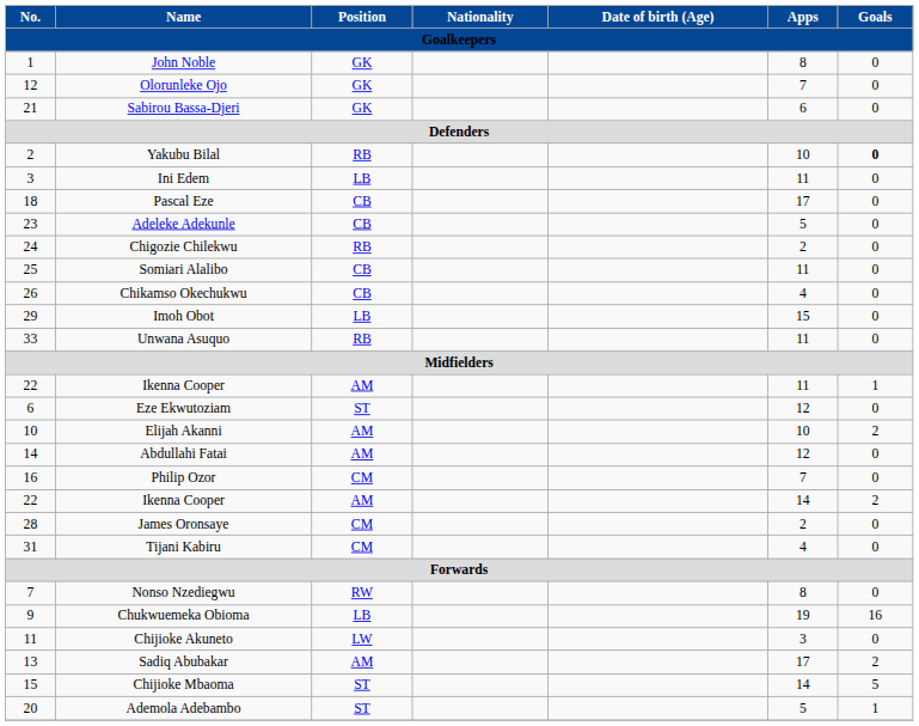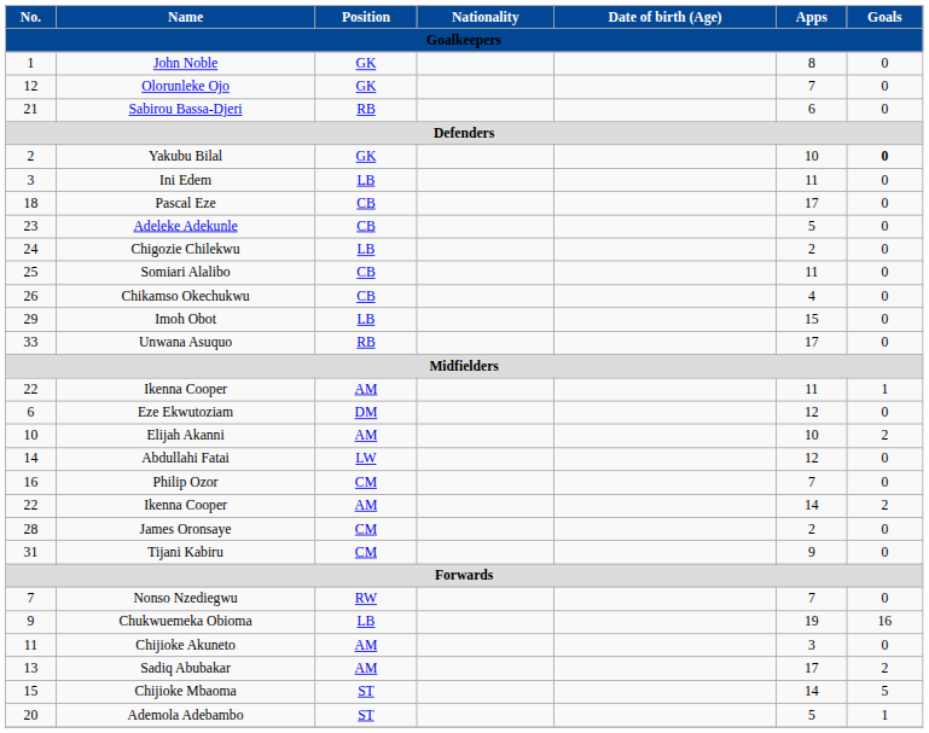 <table class="wikitable" style="text-align:center; font-size:84.5%; width:100%;">
 <tr>
 <th style="color:white; background:#034694; text-align:center;">No.</th>
 <th style="color:white; background:#034694; text-align:center;">Name</th>
 <th style="color:white; background:#034694; text-align:center;">Position</th>
 <th style="color:white; background:#034694; text-align:center;">Nationality</th>
 <th style="color:white; background:#034694; text-align:center;">Date of birth (Age)</th>
 <th style="color:white; background:#034694; text-align:center;">Apps</th>
 <th style="color:white; background:#034694; text-align:center;">Goals</th>
 </tr>
 <tr>
 <th colspan="14" style="background:#034694; tepxt-align:center;">Goalkeepers</th>
 </tr>
 <tr>
 <td>1</td>
 <td><a href='#'>John Noble</a></td>
 <td><a href='#'>GK</a></td>
 <td></td>
 <td></td>
 <td>8</td>
 <td>0</td>
 </tr>
 <tr>
 <td>12</td>
 <td><a href='#'>Olorunleke Ojo</a></td>
 <td><a href='#'>GK</a></td>
 <td></td>
 <td></td>
 <td>7</td>
 <td>0</td>
 </tr>
 <tr>
 <td>21</td>
 <td><a href='#'>Sabirou Bassa-Djeri</a></td>
-<td><a href='#'>GK</a></td>
+<td><a href='#'>RB</a></td>
 <td></td>
 <td></td>
 <td>6</td>
 <td>0</td>
 </tr>
 <tr>
 <th colspan="14" style="background:#dcdcdc; tepxt-align:center;">Defenders</th>
 </tr>
 <tr>
 <td>2</td>
 <td>Yakubu Bilal</td>
-<td><a href='#'>RB</a></td>
+<td><a href='#'>GK</a></td>
 <td></td>
 <td></td>
 <td>10</td>
 <td><strong>0</strong></td>
 </tr>
 <tr>
 <td>3</td>
 <td>Ini Edem</td>
 <td><a href='#'>LB</a></td>
 <td></td>
 <td></td>
 <td>11</td>
 <td>0</td>
 </tr>
 <tr>
 <td>18</td>
 <td>Pascal Eze</td>
 <td><a href='#'>CB</a></td>
 <td></td>
 <td></td>
 <td>17</td>
 <td>0</td>
 </tr>
 <tr>
 <td>23</td>
 <td><a href='#'>Adeleke Adekunle</a></td>
 <td><a href='#'>CB</a></td>
 <td></td>
 <td></td>
 <td>5</td>
 <td>0</td>
 </tr>
 <tr>
 <td>24</td>
 <td>Chigozie Chilekwu</td>
-<td><a href='#'>RB</a></td>
+<td><a href='#'>LB</a></td>
 <td></td>
 <td></td>
 <td>2</td>
 <td>0</td>
 </tr>
 <tr>
 <td>25</td>
 <td>Somiari Alalibo</td>
 <td><a href='#'>CB</a></td>
 <td></td>
 <td></td>
 <td>11</td>
 <td>0</td>
 </tr>
 <tr>
 <td>26</td>
 <td>Chikamso Okechukwu</td>
 <td><a href='#'>CB</a></td>
 <td></td>
 <td></td>
 <td>4</td>
 <td>0</td>
 </tr>
 <tr>
 <td>29</td>
 <td>Imoh Obot</td>
 <td><a href='#'>LB</a></td>
 <td></td>
 <td></td>
 <td>15</td>
 <td>0</td>
 </tr>
 <tr>
 <td>33</td>
 <td>Unwana Asuquo</td>
 <td><a href='#'>RB</a></td>
 <td></td>
 <td></td>
-<td>11</td>
+<td>17</td>
 <td>0</td>
 </tr>
 <tr>
 <th colspan="14" style="background:#dcdcdc; tepxt-align:center;">Midfielders</th>
 </tr>
 <tr>
 <td>22</td>
 <td>Ikenna Cooper</td>
 <td><a href='#'>AM</a></td>
 <td></td>
 <td></td>
 <td>11</td>
 <td>1</td>
 </tr>
 <tr>
 <td>6</td>
 <td>Eze Ekwutoziam</td>
-<td><a href='#'>ST</a></td>
+<td><a href='#'>DM</a></td>
 <td></td>
 <td></td>
 <td>12</td>
 <td>0</td>
 </tr>
 <tr>
 <td>10</td>
 <td>Elijah Akanni</td>
 <td><a href='#'>AM</a></td>
 <td></td>
 <td></td>
 <td>10</td>
 <td>2</td>
 </tr>
 <tr>
 <td>14</td>
 <td>Abdullahi Fatai</td>
-<td><a href='#'>AM</a></td>
+<td><a href='#'>LW</a></td>
 <td></td>
 <td></td>
 <td>12</td>
 <td>0</td>
 </tr>
 <tr>
 <td>16</td>
 <td>Philip Ozor</td>
 <td><a href='#'>CM</a></td>
 <td></td>
 <td></td>
 <td>7</td>
 <td>0</td>
 </tr>
 <tr>
 <td>22</td>
 <td>Ikenna Cooper</td>
 <td><a href='#'>AM</a></td>
 <td></td>
 <td></td>
 <td>14</td>
 <td>2</td>
 </tr>
 <tr>
 <td>28</td>
 <td>James Oronsaye</td>
 <td><a href='#'>CM</a></td>
 <td></td>
 <td></td>
 <td>2</td>
 <td>0</td>
 </tr>
 <tr>
 <td>31</td>
 <td>Tijani Kabiru</td>
 <td><a href='#'>CM</a></td>
 <td></td>
 <td></td>
-<td>4</td>
+<td>9</td>
 <td>0</td>
 </tr>
 <tr>
 <th colspan="14" style="background:#dcdcdc; tepxt-align:center;">Forwards</th>
 </tr>
 <tr>
 <td>7</td>
 <td>Nonso Nzediegwu</td>
 <td><a href='#'>RW</a></td>
 <td></td>
 <td></td>
-<td>8</td>
+<td>7</td>
 <td>0</td>
 </tr>
 <tr>
 <td>9</td>
 <td>Chukwuemeka Obioma</td>
 <td><a href='#'>LB</a></td>
 <td></td>
 <td></td>
 <td>19</td>
 <td>16</td>
 </tr>
 <tr>
 <td>11</td>
 <td>Chijioke Akuneto</td>
-<td><a href='#'>LW</a></td>
+<td><a href='#'>AM</a></td>
 <td></td>
 <td></td>
 <td>3</td>
 <td>0</td>
 </tr>
 <tr>
 <td>13</td>
 <td>Sadiq Abubakar</td>
 <td><a href='#'>AM</a></td>
 <td></td>
 <td></td>
 <td>17</td>
 <td>2</td>
 </tr>
 <tr>
 <td>15</td>
 <td>Chijioke Mbaoma</td>
 <td><a href='#'>ST</a></td>
 <td></td>
 <td></td>
 <td>14</td>
 <td>5</td>
 </tr>
 <tr>
 <td>20</td>
 <td>Ademola Adebambo</td>
 <td><a href='#'>ST</a></td>
 <td></td>
 <td></td>
 <td>5</td>
 <td>1</td>
 </tr>
 <tr>
 </tr>
 </table>
